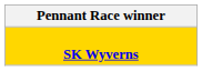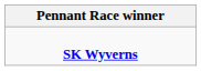 <table width="220" class="wikitable">
 <tr>
 <th><strong>Pennant Race winner</strong></th>
 </tr>
 <tr align="center">
-<td style="background: gold;"><br><strong><a href='#'>SK Wyverns</a></strong></td>
+<td><br><strong><a href='#'>SK Wyverns</a></strong></td>
 </tr>
 </table>
